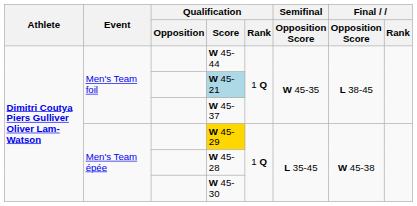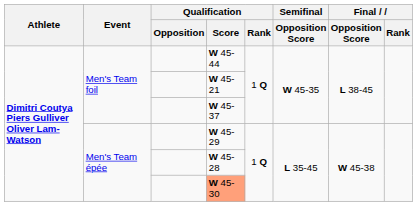 <table class=wikitable style="font-size:90%">
 <tr>
 <th rowspan="2">Athlete</th>
 <th rowspan="2">Event</th>
 <th colspan="3">Qualification</th>
 <th>Semifinal</th>
 <th colspan="2">Final /  / </th>
 </tr>
 <tr>
 <th>Opposition</th>
 <th>Score</th>
 <th>Rank</th>
 <th>Opposition<br>Score</th>
 <th>Opposition<br>Score</th>
 <th>Rank</th>
 </tr>
 <tr align=center>
 <td align=left rowspan=6><strong><a href='#'>Dimitri Coutya</a></strong><br><strong><a href='#'>Piers Gulliver</a></strong><br><strong><a href='#'>Oliver Lam-Watson</a></strong></td>
 <td align=left rowspan=3><a href='#'>Men's Team foil</a></td>
 <td align=left></td>
 <td align=left><strong>W</strong> 45-44</td>
 <td rowspan=3>1 <strong>Q</strong></td>
 <td align=center rowspan=3><br> <strong>W</strong> 45-35</td>
 <td align=center rowspan=3><br> <strong>L</strong> 38-45</td>
 <td rowspan=3></td>
 </tr>
 <tr>
 <td align=left></td>
-<td align=left style="background: lightblue;"><strong>W</strong> 45-21</td>
+<td align=left><strong>W</strong> 45-21</td>
 </tr>
 <tr>
 <td></td>
 <td align=left><strong>W</strong> 45-37</td>
 </tr>
 <tr align=center>
 <td align=left rowspan=3><a href='#'>Men's Team épée</a></td>
 <td align=left></td>
-<td align=left style="background: gold;"><strong>W</strong> 45-29</td>
+<td align=left><strong>W</strong> 45-29</td>
 <td rowspan=3>1 <strong>Q</strong></td>
 <td align=center rowspan=3><br> <strong>L</strong> 35-45</td>
 <td align=center rowspan=3><br> <strong>W</strong> 45-38</td>
 <td rowspan=3></td>
 </tr>
 <tr>
 <td align=left></td>
 <td align=left><strong>W</strong> 45-28</td>
 </tr>
 <tr>
 <td></td>
-<td align=left><strong>W</strong> 45-30</td>
+<td align=left style="background: lightsalmon;"><strong>W</strong> 45-30</td>
 </tr>
 </table>
